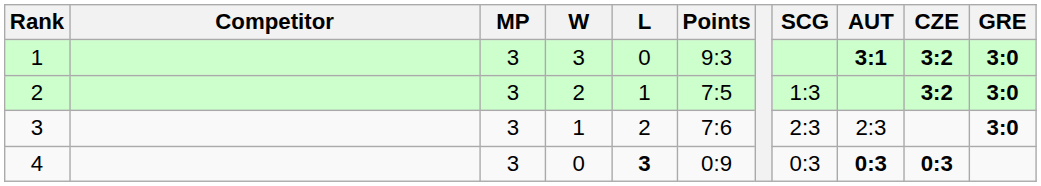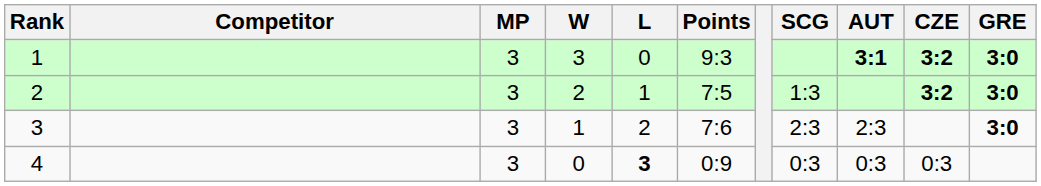 <table class="wikitable" style="text-align:center">
 <tr>
 <th>Rank</th>
 <th style="width:18em">Competitor</th>
 <th style="width:2.5em">MP</th>
 <th style="width:2.5em">W</th>
 <th style="width:2.5em">L</th>
 <th>Points</th>
 <th rowspan="5"> </th>
 <th style="width:2.5em">SCG</th>
 <th style="width:2.5em">AUT</th>
 <th style="width:2.5em">CZE</th>
 <th style="width:2.5em">GRE</th>
 </tr>
 <tr style="background:#cfc;">
 <td>1</td>
 <td style="text-align:left"></td>
 <td>3</td>
 <td>3</td>
 <td>0</td>
 <td>9:3</td>
 <td></td>
 <td><strong>3:1</strong></td>
 <td><strong>3:2</strong></td>
 <td><strong>3:0</strong></td>
 </tr>
 <tr style="background:#cfc;">
 <td>2</td>
 <td style="text-align:left"></td>
 <td>3</td>
 <td>2</td>
 <td>1</td>
 <td>7:5</td>
 <td>1:3</td>
 <td></td>
 <td><strong>3:2</strong></td>
 <td><strong>3:0</strong></td>
 </tr>
 <tr>
 <td>3</td>
 <td style="text-align:left"></td>
 <td>3</td>
 <td>1</td>
 <td>2</td>
 <td>7:6</td>
 <td>2:3</td>
 <td>2:3</td>
 <td></td>
 <td><strong>3:0</strong></td>
 </tr>
 <tr>
 <td>4</td>
 <td style="text-align:left"></td>
 <td>3</td>
 <td>0</td>
 <td><strong>3</strong></td>
 <td>0:9</td>
 <td>0:3</td>
-<td><strong>0:3</strong></td>
-<td><strong>0:3</strong></td>
+<td>0:3</td>
+<td>0:3</td>
 <td></td>
 </tr>
 </table>
